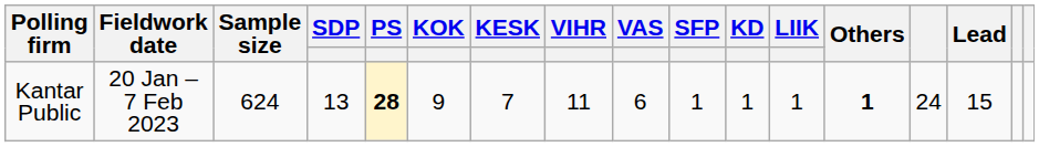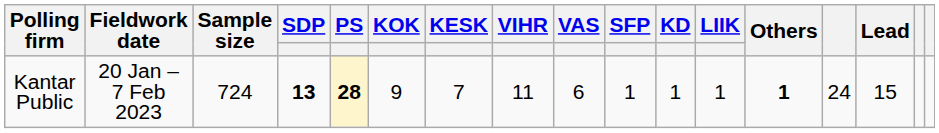 <table class="wikitable sortable mw-datatable" style="text-align:center;font-size:90%;line-height:14px;">
 <tr>
 <th rowspan="2">Polling firm</th>
 <th rowspan="2">Fieldwork date</th>
 <th rowspan="2">Sample<br>size</th>
 <th class="unsortable" style="width:50px;"><a href='#'>SDP</a></th>
 <th class="unsortable" style="width:50px;"><a href='#'>PS</a></th>
 <th class="unsortable" style="width:50px;"><a href='#'>KOK</a></th>
 <th class="unsortable" style="width:50px;"><a href='#'>KESK</a></th>
 <th class="unsortable" style="width:50px;"><a href='#'>VIHR</a></th>
 <th class="unsortable" style="width:50px;"><a href='#'>VAS</a></th>
 <th class="unsortable" style="width:50px;"><a href='#'>SFP</a></th>
 <th class="unsortable" style="width:50px;"><a href='#'>KD</a></th>
 <th class="unsortable" style="width:50px;"><a href='#'>LIIK</a></th>
 <th class="unsortable" style="width:30px;" rowspan="2">Others</th>
 <th class="unsortable" style="width:30px;" rowspan="2"></th>
 <th class="unsortable" style="width:30px;" rowspan="2">Lead</th>
 <th class="unsortable" style="width:20px;" rowspan="2"></th>
 <th class="unsortable" style="width:20px;" rowspan="2"></th>
 </tr>
 <tr>
 <th data-sort-type="number" style="background:"></th>
 <th data-sort-type="number" style="background:"></th>
 <th data-sort-type="number" style="background:"></th>
 <th data-sort-type="number" style="background:"></th>
 <th data-sort-type="number" style="background:"></th>
 <th data-sort-type="number" style="background:"></th>
 <th data-sort-type="number" style="background:"></th>
 <th data-sort-type="number" style="background:"></th>
 <th data-sort-type="number" style="background:"></th>
 </tr>
 <tr>
 <td>Kantar Public</td>
 <td data-sort-value="2019-05-03">20 Jan – 7 Feb 2023</td>
-<td>624</td>
-<td>13</td>
+<td>724</td>
+<td><strong>13</strong></td>
 <td style="background:#FFF5CC;"><strong>28</strong></td>
 <td>9</td>
 <td>7</td>
 <td>11</td>
 <td>6</td>
 <td>1</td>
 <td>1</td>
 <td>1</td>
 <td><strong>1</strong></td>
 <td>24</td>
 <td style="background:">15</td>
 <td></td>
 <td></td>
 </tr>
 </table>
